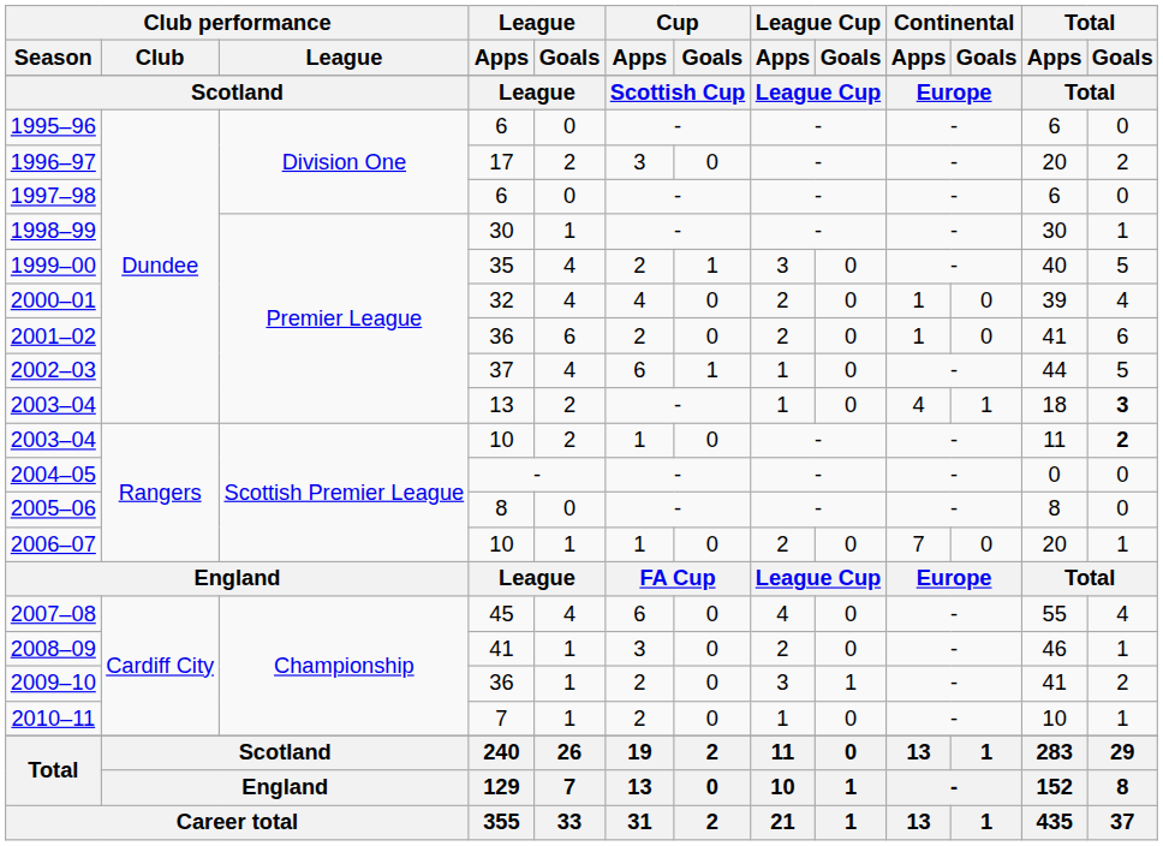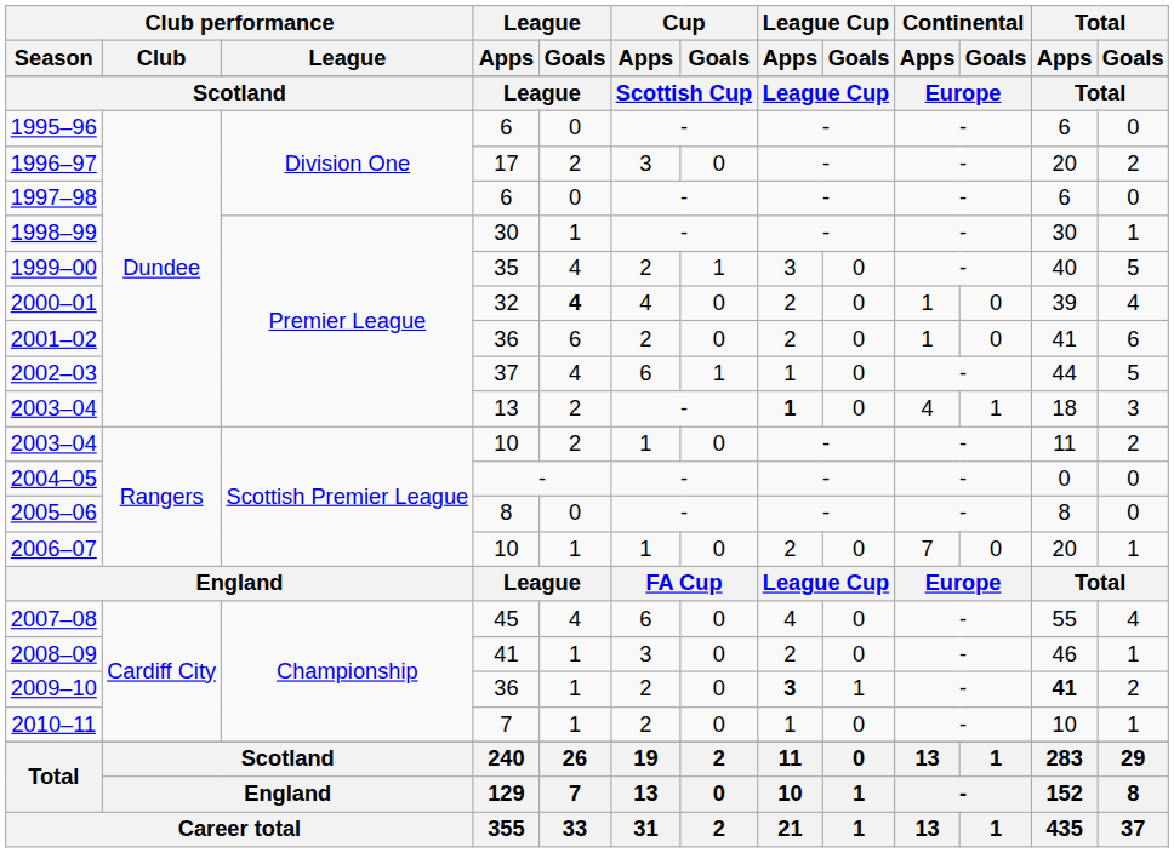 <table class="wikitable" style="text-align:center">
 <tr>
 <th colspan=3>Club performance</th>
 <th colspan=2>League</th>
 <th colspan=2>Cup</th>
 <th colspan=2>League Cup</th>
 <th colspan=2>Continental</th>
 <th colspan=2>Total</th>
 </tr>
 <tr>
 <th>Season</th>
 <th>Club</th>
 <th>League</th>
 <th>Apps</th>
 <th>Goals</th>
 <th>Apps</th>
 <th>Goals</th>
 <th>Apps</th>
 <th>Goals</th>
 <th>Apps</th>
 <th>Goals</th>
 <th>Apps</th>
 <th>Goals</th>
 </tr>
 <tr>
 </tr>
 <tr>
 <th colspan=3>Scotland</th>
 <th colspan=2>League</th>
 <th colspan=2><a href='#'>Scottish Cup</a></th>
 <th colspan=2><a href='#'>League Cup</a></th>
 <th colspan=2><a href='#'>Europe</a></th>
 <th colspan=2>Total</th>
 </tr>
 <tr>
 <td><a href='#'>1995–96</a></td>
 <td rowspan="9"><a href='#'>Dundee</a></td>
 <td rowspan="3"><a href='#'>Division One</a></td>
 <td>6</td>
 <td>0</td>
 <td colspan="2">-</td>
 <td colspan="2">-</td>
 <td colspan="2">-</td>
 <td>6</td>
 <td>0</td>
 </tr>
 <tr>
 <td><a href='#'>1996–97</a></td>
 <td>17</td>
 <td>2</td>
 <td>3</td>
 <td>0</td>
 <td colspan="2">-</td>
 <td colspan="2">-</td>
 <td>20</td>
 <td>2</td>
 </tr>
 <tr>
 <td><a href='#'>1997–98</a></td>
 <td>6</td>
 <td>0</td>
 <td colspan="2">-</td>
 <td colspan="2">-</td>
 <td colspan="2">-</td>
 <td>6</td>
 <td>0</td>
 </tr>
 <tr>
 <td><a href='#'>1998–99</a></td>
 <td rowspan="6"><a href='#'>Premier League</a></td>
 <td>30</td>
 <td>1</td>
 <td colspan="2">-</td>
 <td colspan="2">-</td>
 <td colspan="2">-</td>
 <td>30</td>
 <td>1</td>
 </tr>
 <tr>
 <td><a href='#'>1999–00</a></td>
 <td>35</td>
 <td>4</td>
 <td>2</td>
 <td>1</td>
 <td>3</td>
 <td>0</td>
 <td colspan="2">-</td>
 <td>40</td>
 <td>5</td>
 </tr>
 <tr>
 <td><a href='#'>2000–01</a></td>
 <td>32</td>
-<td>4</td>
+<td><strong>4</strong></td>
 <td>4</td>
 <td>0</td>
 <td>2</td>
 <td>0</td>
 <td>1</td>
 <td>0</td>
 <td>39</td>
 <td>4</td>
 </tr>
 <tr>
 <td><a href='#'>2001–02</a></td>
 <td>36</td>
 <td>6</td>
 <td>2</td>
 <td>0</td>
 <td>2</td>
 <td>0</td>
 <td>1</td>
 <td>0</td>
 <td>41</td>
 <td>6</td>
 </tr>
 <tr>
 <td><a href='#'>2002–03</a></td>
 <td>37</td>
 <td>4</td>
 <td>6</td>
 <td>1</td>
 <td>1</td>
 <td>0</td>
 <td colspan="2">-</td>
 <td>44</td>
 <td>5</td>
 </tr>
 <tr>
 <td><a href='#'>2003–04</a></td>
 <td>13</td>
 <td>2</td>
 <td colspan="2">-</td>
-<td>1</td>
+<td><strong>1</strong></td>
 <td>0</td>
 <td>4</td>
 <td>1</td>
 <td>18</td>
-<td><strong>3</strong></td>
+<td>3</td>
 </tr>
 <tr>
 <td><a href='#'>2003–04</a></td>
 <td rowspan="4"><a href='#'>Rangers</a></td>
 <td rowspan="4"><a href='#'>Scottish Premier League</a></td>
 <td>10</td>
 <td>2</td>
 <td>1</td>
 <td>0</td>
 <td colspan="2">-</td>
 <td colspan="2">-</td>
 <td>11</td>
-<td><strong>2</strong></td>
+<td>2</td>
 </tr>
 <tr>
 <td><a href='#'>2004–05</a></td>
 <td colspan="2">-</td>
 <td colspan="2">-</td>
 <td colspan="2">-</td>
 <td colspan="2">-</td>
 <td>0</td>
 <td>0</td>
 </tr>
 <tr>
 <td><a href='#'>2005–06</a></td>
 <td>8</td>
 <td>0</td>
 <td colspan="2">-</td>
 <td colspan="2">-</td>
 <td colspan="2">-</td>
 <td>8</td>
 <td>0</td>
 </tr>
 <tr>
 <td><a href='#'>2006–07</a></td>
 <td>10</td>
 <td>1</td>
 <td>1</td>
 <td>0</td>
 <td>2</td>
 <td>0</td>
 <td>7</td>
 <td>0</td>
 <td>20</td>
 <td>1</td>
 </tr>
 <tr>
 <th colspan=3>England</th>
 <th colspan=2>League</th>
 <th colspan=2><a href='#'>FA Cup</a></th>
 <th colspan=2><a href='#'>League Cup</a></th>
 <th colspan=2><a href='#'>Europe</a></th>
 <th colspan=2>Total</th>
 </tr>
 <tr>
 <td><a href='#'>2007–08</a></td>
 <td rowspan="4"><a href='#'>Cardiff City</a></td>
 <td rowspan="4"><a href='#'>Championship</a></td>
 <td>45</td>
 <td>4</td>
 <td>6</td>
 <td>0</td>
 <td>4</td>
 <td>0</td>
 <td colspan="2">-</td>
 <td>55</td>
 <td>4</td>
 </tr>
 <tr>
 <td><a href='#'>2008–09</a></td>
 <td>41</td>
 <td>1</td>
 <td>3</td>
 <td>0</td>
 <td>2</td>
 <td>0</td>
 <td colspan="2">-</td>
 <td>46</td>
 <td>1</td>
 </tr>
 <tr>
 <td><a href='#'>2009–10</a></td>
 <td>36</td>
 <td>1</td>
 <td>2</td>
 <td>0</td>
-<td>3</td>
+<td><strong>3</strong></td>
 <td>1</td>
 <td colspan="2">-</td>
-<td>41</td>
+<td><strong>41</strong></td>
 <td>2</td>
 </tr>
 <tr>
 <td><a href='#'>2010–11</a></td>
 <td>7</td>
 <td>1</td>
 <td>2</td>
 <td>0</td>
 <td>1</td>
 <td>0</td>
 <td colspan="2">-</td>
 <td>10</td>
 <td>1</td>
 </tr>
 <tr>
 </tr>
 <tr>
 <th rowspan=2>Total</th>
 <th colspan=2>Scotland</th>
 <th>240</th>
 <th>26</th>
 <th>19</th>
 <th>2</th>
 <th>11</th>
 <th>0</th>
 <th>13</th>
 <th>1</th>
 <th>283</th>
 <th>29</th>
 </tr>
 <tr>
 <th colspan=2>England</th>
 <th>129</th>
 <th>7</th>
 <th>13</th>
 <th>0</th>
 <th>10</th>
 <th>1</th>
 <th colspan="2">-</th>
 <th>152</th>
 <th>8</th>
 </tr>
 <tr>
 <th colspan=3>Career total</th>
 <th>355</th>
 <th>33</th>
 <th>31</th>
 <th>2</th>
 <th>21</th>
 <th>1</th>
 <th>13</th>
 <th>1</th>
 <th>435</th>
 <th>37</th>
 </tr>
 </table>
